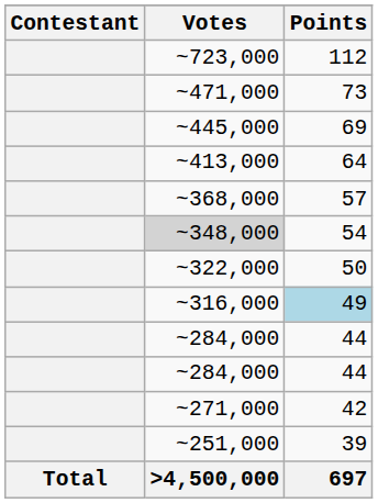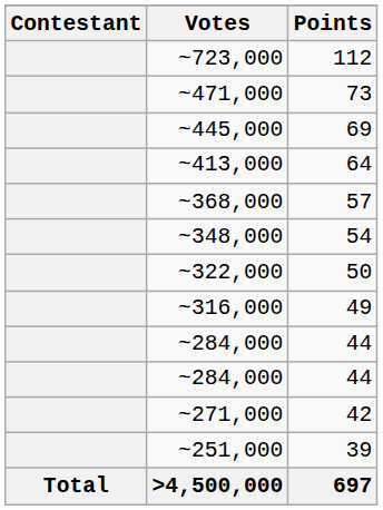 <table class="wikitable plainrowheaders" style="text-align:right;">
 <tr>
 </tr>
 <tr>
 <th scope="col">Contestant</th>
 <th scope="col">Votes</th>
 <th scope="col">Points</th>
 </tr>
 <tr>
 <th scope="row" style="text-align:left;"></th>
 <td>~723,000</td>
 <td>112</td>
 </tr>
 <tr>
 <th scope="row" style="text-align:left;"></th>
 <td>~471,000</td>
 <td>73</td>
 </tr>
 <tr>
 <th scope="row" style="text-align:left;"></th>
 <td>~445,000</td>
 <td>69</td>
 </tr>
 <tr>
 <th scope="row" style="text-align:left;"></th>
 <td>~413,000</td>
 <td>64</td>
 </tr>
 <tr>
 <th scope="row" style="text-align:left;"></th>
 <td>~368,000</td>
 <td>57</td>
 </tr>
 <tr>
 <th scope="row" style="text-align:left;"></th>
-<td style="background: lightgrey;">~348,000</td>
+<td>~348,000</td>
 <td>54</td>
 </tr>
 <tr>
 <th scope="row" style="text-align:left;"></th>
 <td>~322,000</td>
 <td>50</td>
 </tr>
 <tr>
 <th scope="row" style="text-align:left;"></th>
 <td>~316,000</td>
-<td style="background: lightblue;">49</td>
+<td>49</td>
 </tr>
 <tr>
 <th scope="row" style="text-align:left;"></th>
 <td>~284,000</td>
 <td>44</td>
 </tr>
 <tr>
 <th scope="row" style="text-align:left;"></th>
 <td>~284,000</td>
 <td>44</td>
 </tr>
 <tr>
 <th scope="row" style="text-align:left;"></th>
 <td>~271,000</td>
 <td>42</td>
 </tr>
 <tr>
 <th scope="row" style="text-align:left;"></th>
 <td>~251,000</td>
 <td>39</td>
 </tr>
 <tr>
 <th scope="row"><strong>Total</strong></th>
 <th>>4,500,000</th>
 <th style="text-align:right;">697</th>
 </tr>
 </table>
